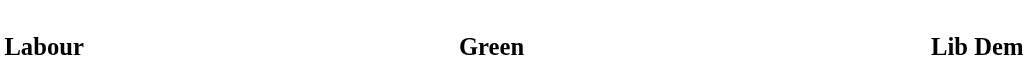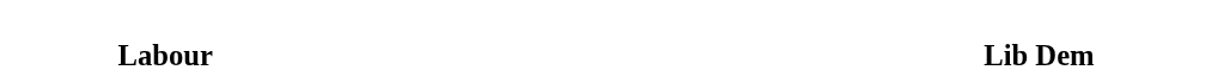 <table style="width:60%; text-align:center;">
 <tr style="color:white;">
 <td style="background:"><strong>22</strong></td>
-<td style="background:"><strong>14</strong></td>
 <td style="background:"><strong>3</strong></td>
 </tr>
 <tr>
 <td><span><strong>Labour</strong></span></td>
-<td><span><strong>Green</strong></span></td>
 <td><span><strong>Lib Dem</strong></span></td>
 </tr>
 </table>
